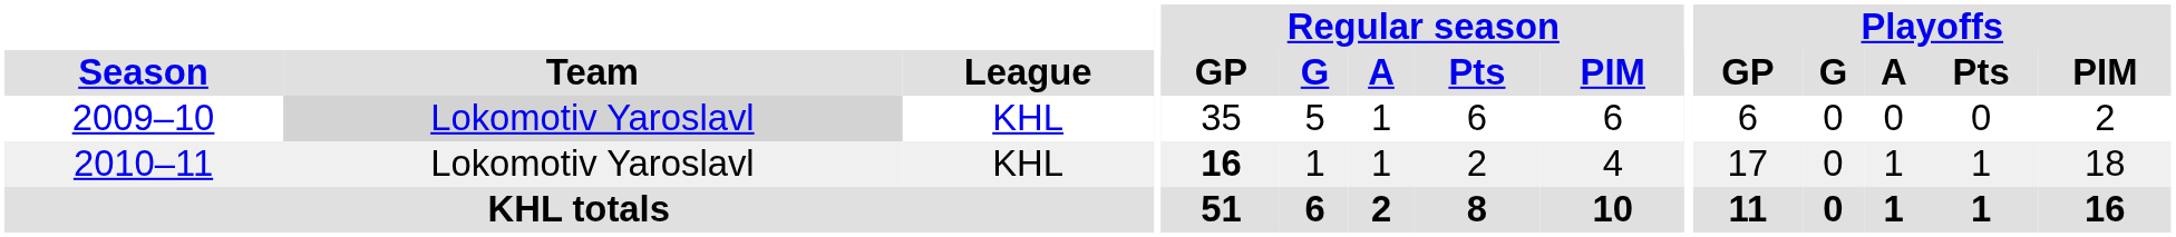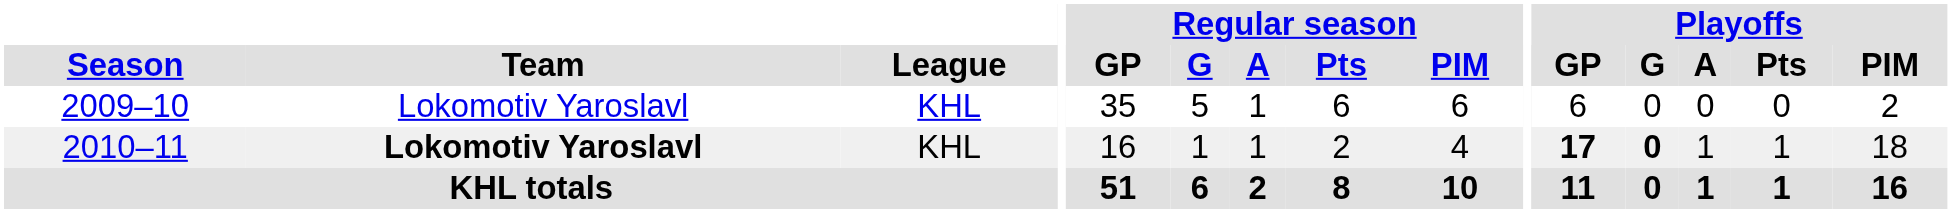 <table border="0" cellpadding="1" cellspacing="0" style="text-align:center; width:75%">
 <tr bgcolor="#e0e0e0">
 <th colspan="3" bgcolor="#ffffff"></th>
 <th rowspan="99" bgcolor="#ffffff"></th>
 <th colspan="5"><a href='#'>Regular season</a></th>
 <th rowspan="99" bgcolor="#ffffff"></th>
 <th colspan="5"><a href='#'>Playoffs</a></th>
 </tr>
 <tr bgcolor="#e0e0e0">
 <th><a href='#'>Season</a></th>
 <th>Team</th>
 <th>League</th>
 <th>GP</th>
 <th><a href='#'>G</a></th>
 <th><a href='#'>A</a></th>
 <th><a href='#'>Pts</a></th>
 <th><a href='#'>PIM</a></th>
 <th>GP</th>
 <th>G</th>
 <th>A</th>
 <th>Pts</th>
 <th>PIM</th>
 </tr>
 <tr ALIGN="center">
 <td><a href='#'>2009–10</a></td>
-<td style="background: lightgrey;"><a href='#'>Lokomotiv Yaroslavl</a></td>
+<td><a href='#'>Lokomotiv Yaroslavl</a></td>
 <td><a href='#'>KHL</a></td>
 <td>35</td>
 <td>5</td>
 <td>1</td>
 <td>6</td>
 <td>6</td>
 <td>6</td>
 <td>0</td>
 <td>0</td>
 <td>0</td>
 <td>2</td>
 </tr>
 <tr style="text-align:center; background:#f0f0f0;">
 <td><a href='#'>2010–11</a></td>
-<td>Lokomotiv Yaroslavl</td>
+<td><strong>Lokomotiv Yaroslavl</strong></td>
 <td>KHL</td>
-<td><strong>16</strong></td>
+<td>16</td>
 <td>1</td>
 <td>1</td>
 <td>2</td>
 <td>4</td>
-<td>17</td>
-<td>0</td>
+<td><strong>17</strong></td>
+<td><strong>0</strong></td>
 <td>1</td>
 <td>1</td>
 <td>18</td>
 </tr>
 <tr bgcolor="#e0e0e0">
 <th colspan="3">KHL totals</th>
 <th>51</th>
 <th>6</th>
 <th>2</th>
 <th>8</th>
 <th>10</th>
 <th>11</th>
 <th>0</th>
 <th>1</th>
 <th>1</th>
 <th>16</th>
 </tr>
 </table>
